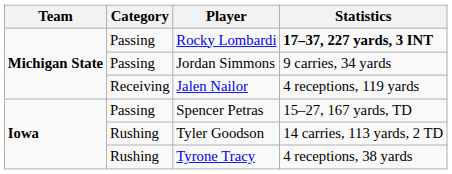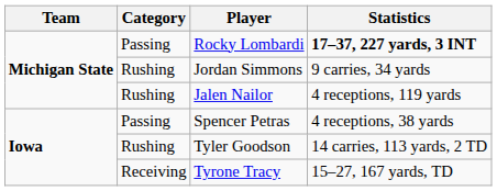 <table class="wikitable" style="float: left;">
 <tr>
 <th>Team</th>
 <th>Category</th>
 <th>Player</th>
 <th>Statistics</th>
 </tr>
 <tr>
 <td rowspan=3><strong>Michigan State</strong></td>
 <td>Passing</td>
 <td><a href='#'>Rocky Lombardi</a></td>
 <td><strong>17–37, 227 yards, 3 INT</strong></td>
 </tr>
 <tr>
-<td>Passing</td>
+<td>Rushing</td>
 <td>Jordan Simmons</td>
 <td>9 carries, 34 yards</td>
 </tr>
 <tr>
-<td>Receiving</td>
+<td>Rushing</td>
 <td><a href='#'>Jalen Nailor</a></td>
 <td>4 receptions, 119 yards</td>
 </tr>
 <tr>
 <td rowspan=3><strong>Iowa</strong></td>
 <td>Passing</td>
 <td>Spencer Petras</td>
-<td>15–27, 167 yards, TD</td>
+<td>4 receptions, 38 yards</td>
 </tr>
 <tr>
 <td>Rushing</td>
 <td>Tyler Goodson</td>
 <td>14 carries, 113 yards, 2 TD</td>
 </tr>
 <tr>
-<td>Rushing</td>
+<td>Receiving</td>
 <td><a href='#'>Tyrone Tracy</a></td>
-<td>4 receptions, 38 yards</td>
+<td>15–27, 167 yards, TD</td>
 </tr>
 </table>
